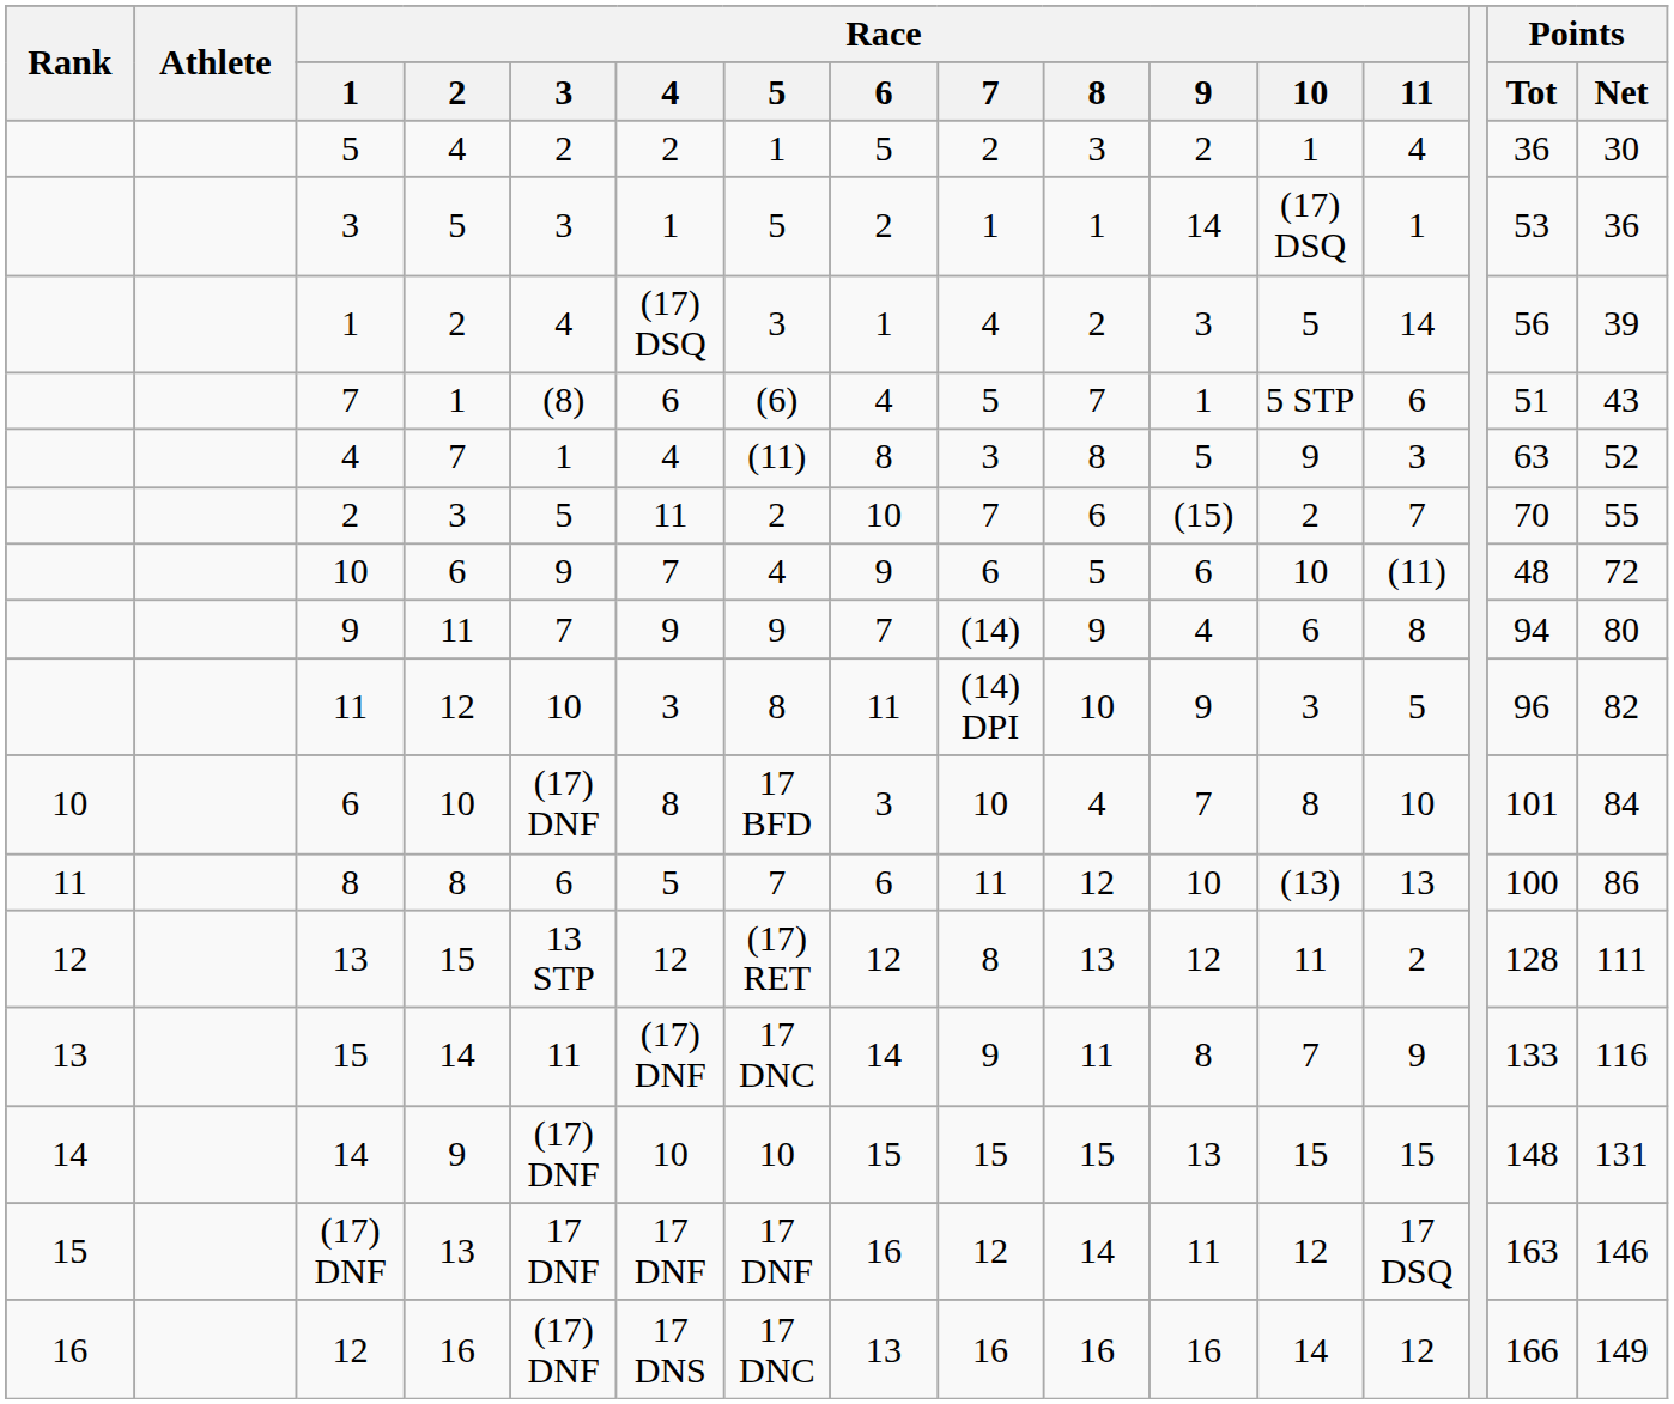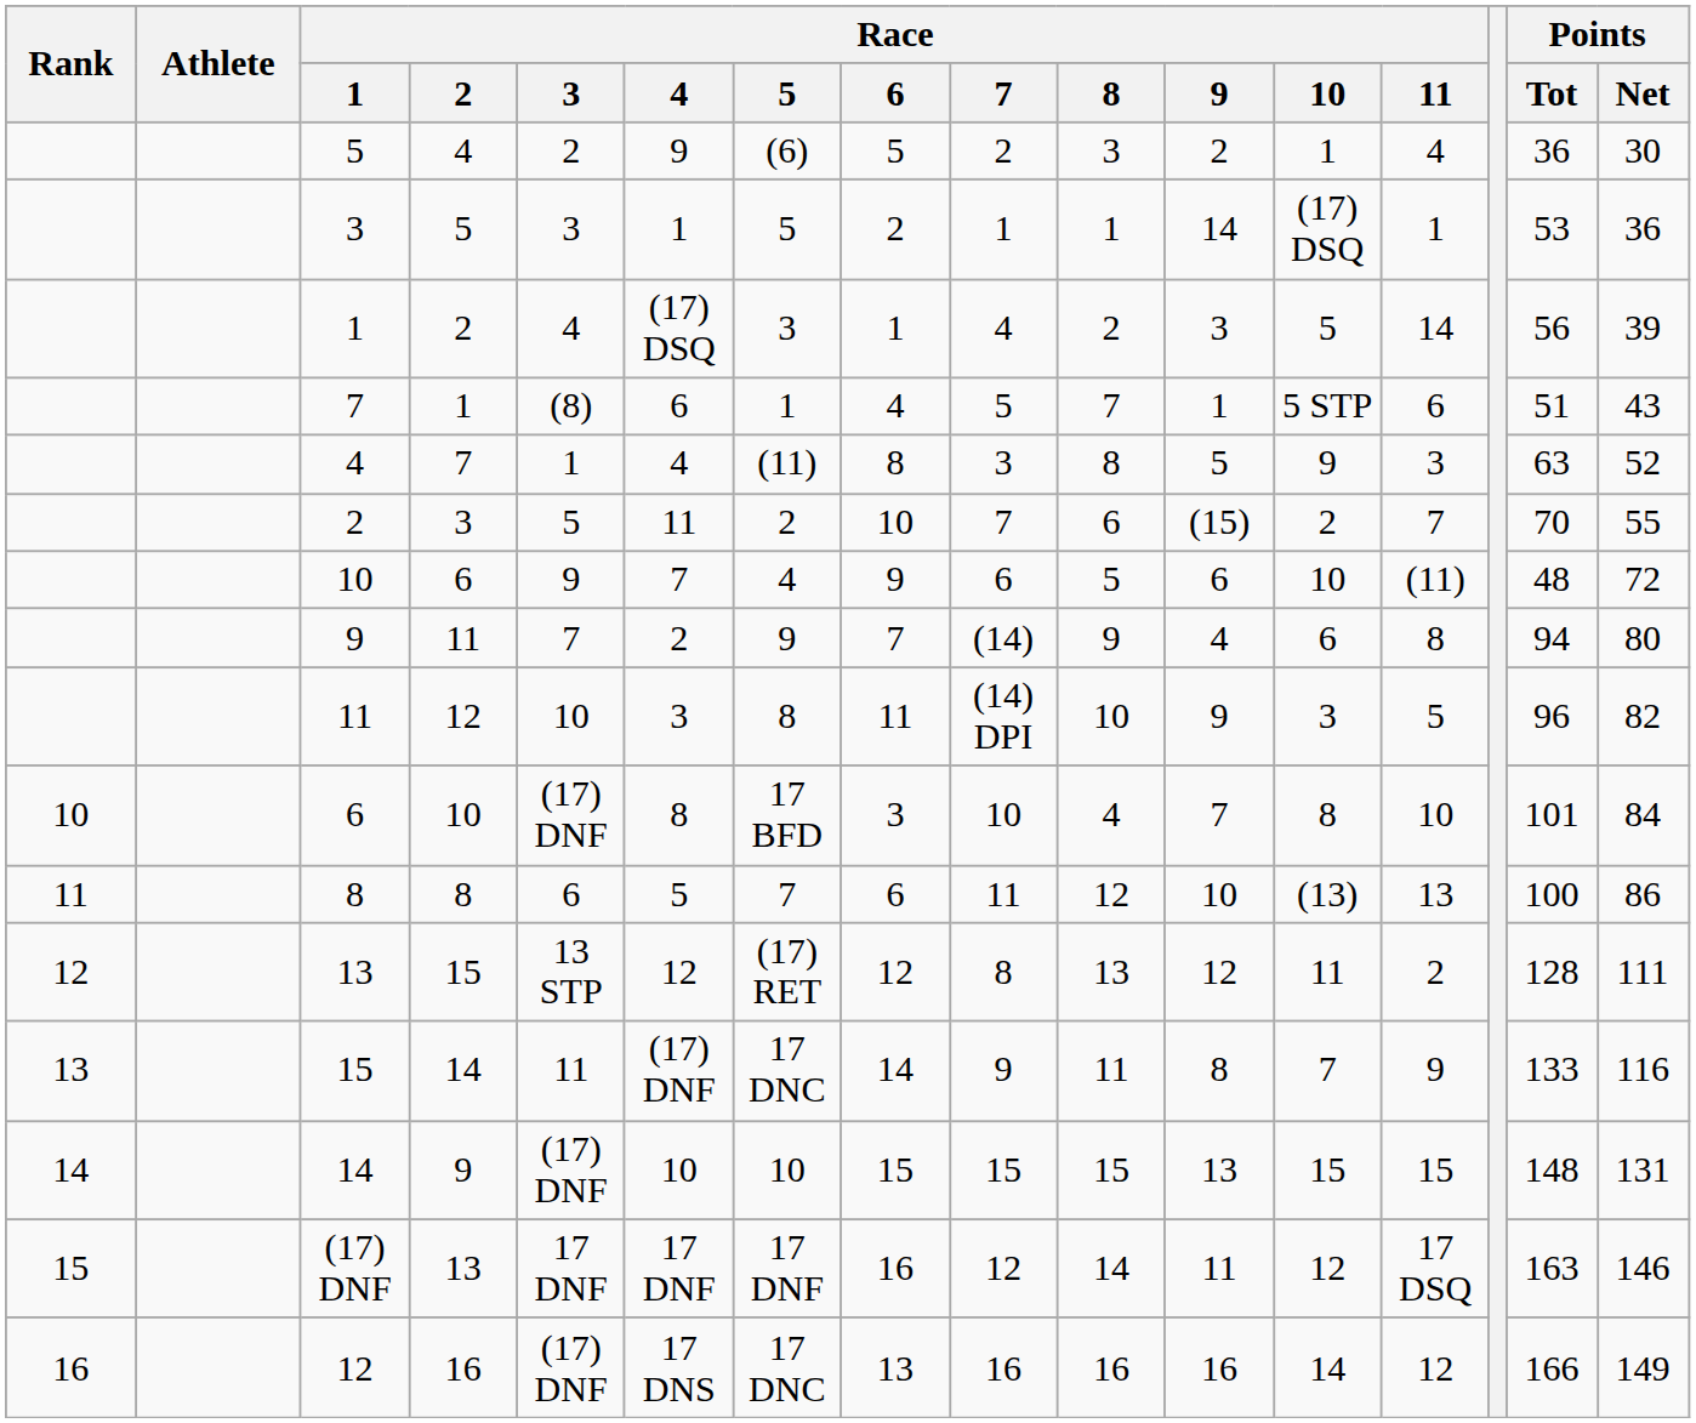 <table class="wikitable" style="text-align:center">
 <tr>
 <th rowspan="2">Rank</th>
 <th rowspan="2">Athlete</th>
 <th colspan="11">Race</th>
 <th width=1% rowspan=45></th>
 <th colspan="2">Points</th>
 </tr>
 <tr>
 <th width=40>1</th>
 <th width=40>2</th>
 <th width=40>3</th>
 <th width=40>4</th>
 <th width=40>5</th>
 <th width=40>6</th>
 <th width=40>7</th>
 <th width=40>8</th>
 <th width=40>9</th>
 <th width=40>10</th>
 <th width=40>11</th>
 <th>Tot</th>
 <th>Net</th>
 </tr>
 <tr>
 <td></td>
 <td align=left></td>
 <td>5</td>
 <td>4</td>
 <td>2</td>
-<td>2</td>
-<td>1</td>
+<td>9</td>
+<td>(6)</td>
 <td>5</td>
 <td>2</td>
 <td>3</td>
 <td>2</td>
 <td>1</td>
 <td>4</td>
 <td>36</td>
 <td>30</td>
 </tr>
 <tr>
 <td></td>
 <td align=left></td>
 <td>3</td>
 <td>5</td>
 <td>3</td>
 <td>1</td>
 <td>5</td>
 <td>2</td>
 <td>1</td>
 <td>1</td>
 <td>14</td>
 <td>(17) DSQ</td>
 <td>1</td>
 <td>53</td>
 <td>36</td>
 </tr>
 <tr>
 <td></td>
 <td align=left></td>
 <td>1</td>
 <td>2</td>
 <td>4</td>
 <td>(17) DSQ</td>
 <td>3</td>
 <td>1</td>
 <td>4</td>
 <td>2</td>
 <td>3</td>
 <td>5</td>
 <td>14</td>
 <td>56</td>
 <td>39</td>
 </tr>
 <tr>
 <td></td>
 <td align=left></td>
 <td>7</td>
 <td>1</td>
 <td>(8)</td>
 <td>6</td>
-<td>(6)</td>
+<td>1</td>
 <td>4</td>
 <td>5</td>
 <td>7</td>
 <td>1</td>
 <td>5 STP</td>
 <td>6</td>
 <td>51</td>
 <td>43</td>
 </tr>
 <tr>
 <td></td>
 <td align=left></td>
 <td>4</td>
 <td>7</td>
 <td>1</td>
 <td>4</td>
 <td>(11)</td>
 <td>8</td>
 <td>3</td>
 <td>8</td>
 <td>5</td>
 <td>9</td>
 <td>3</td>
 <td>63</td>
 <td>52</td>
 </tr>
 <tr>
 <td></td>
 <td align=left></td>
 <td>2</td>
 <td>3</td>
 <td>5</td>
 <td>11</td>
 <td>2</td>
 <td>10</td>
 <td>7</td>
 <td>6</td>
 <td>(15)</td>
 <td>2</td>
 <td>7</td>
 <td>70</td>
 <td>55</td>
 </tr>
 <tr>
 <td></td>
 <td align=left></td>
 <td>10</td>
 <td>6</td>
 <td>9</td>
 <td>7</td>
 <td>4</td>
 <td>9</td>
 <td>6</td>
 <td>5</td>
 <td>6</td>
 <td>10</td>
 <td>(11)</td>
 <td>48</td>
 <td>72</td>
 </tr>
 <tr>
 <td></td>
 <td align=left></td>
 <td>9</td>
 <td>11</td>
 <td>7</td>
-<td>9</td>
+<td>2</td>
 <td>9</td>
 <td>7</td>
 <td>(14)</td>
 <td>9</td>
 <td>4</td>
 <td>6</td>
 <td>8</td>
 <td>94</td>
 <td>80</td>
 </tr>
 <tr>
 <td></td>
 <td align=left></td>
 <td>11</td>
 <td>12</td>
 <td>10</td>
 <td>3</td>
 <td>8</td>
 <td>11</td>
 <td>(14) DPI</td>
 <td>10</td>
 <td>9</td>
 <td>3</td>
 <td>5</td>
 <td>96</td>
 <td>82</td>
 </tr>
 <tr>
 <td>10</td>
 <td align=left></td>
 <td>6</td>
 <td>10</td>
 <td>(17) DNF</td>
 <td>8</td>
 <td>17 BFD</td>
 <td>3</td>
 <td>10</td>
 <td>4</td>
 <td>7</td>
 <td>8</td>
 <td>10</td>
 <td>101</td>
 <td>84</td>
 </tr>
 <tr>
 <td>11</td>
 <td align=left></td>
 <td>8</td>
 <td>8</td>
 <td>6</td>
 <td>5</td>
 <td>7</td>
 <td>6</td>
 <td>11</td>
 <td>12</td>
 <td>10</td>
 <td>(13)</td>
 <td>13</td>
 <td>100</td>
 <td>86</td>
 </tr>
 <tr>
 <td>12</td>
 <td align=left></td>
 <td>13</td>
 <td>15</td>
 <td>13 STP</td>
 <td>12</td>
 <td>(17) RET</td>
 <td>12</td>
 <td>8</td>
 <td>13</td>
 <td>12</td>
 <td>11</td>
 <td>2</td>
 <td>128</td>
 <td>111</td>
 </tr>
 <tr>
 <td>13</td>
 <td align=left></td>
 <td>15</td>
 <td>14</td>
 <td>11</td>
 <td>(17) DNF</td>
 <td>17 DNC</td>
 <td>14</td>
 <td>9</td>
 <td>11</td>
 <td>8</td>
 <td>7</td>
 <td>9</td>
 <td>133</td>
 <td>116</td>
 </tr>
 <tr>
 <td>14</td>
 <td align=left></td>
 <td>14</td>
 <td>9</td>
 <td>(17) DNF</td>
 <td>10</td>
 <td>10</td>
 <td>15</td>
 <td>15</td>
 <td>15</td>
 <td>13</td>
 <td>15</td>
 <td>15</td>
 <td>148</td>
 <td>131</td>
 </tr>
 <tr>
 <td>15</td>
 <td align=left></td>
 <td>(17) DNF</td>
 <td>13</td>
 <td>17 DNF</td>
 <td>17 DNF</td>
 <td>17 DNF</td>
 <td>16</td>
 <td>12</td>
 <td>14</td>
 <td>11</td>
 <td>12</td>
 <td>17 DSQ</td>
 <td>163</td>
 <td>146</td>
 </tr>
 <tr>
 <td>16</td>
 <td align=left></td>
 <td>12</td>
 <td>16</td>
 <td>(17) DNF</td>
 <td>17 DNS</td>
 <td>17 DNC</td>
 <td>13</td>
 <td>16</td>
 <td>16</td>
 <td>16</td>
 <td>14</td>
 <td>12</td>
 <td>166</td>
 <td>149</td>
 </tr>
 </table>
